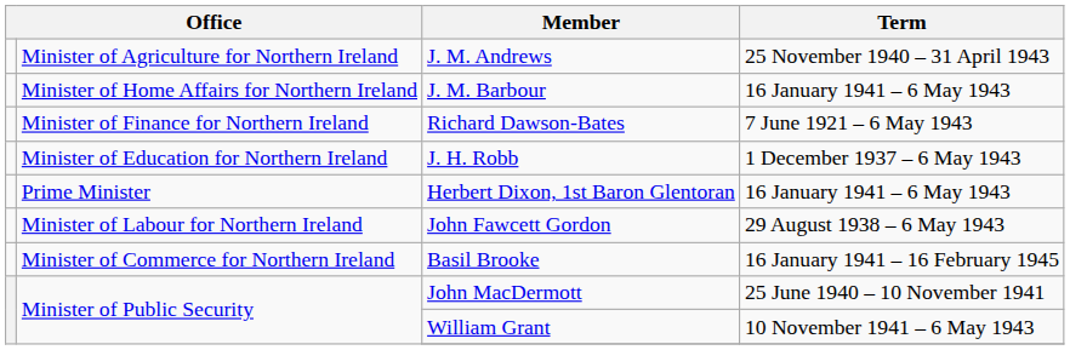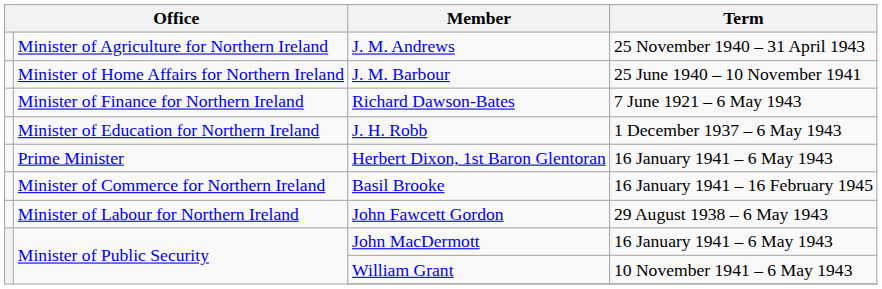 <table class="wikitable">
 <tr>
 <th colspan="2">Office</th>
 <th>Member</th>
 <th>Term</th>
 </tr>
 <tr>
 <td style="width: 1px; background: "></td>
 <td><a href='#'>Minister of Agriculture for Northern Ireland</a></td>
 <td><a href='#'>J. M. Andrews</a></td>
 <td>25 November 1940 – 31 April 1943</td>
 </tr>
 <tr>
 <td style="width: 1px; background: "></td>
 <td><a href='#'>Minister of Home Affairs for Northern Ireland</a></td>
 <td><a href='#'>J. M. Barbour</a></td>
-<td>16 January 1941 – 6 May 1943</td>
+<td>25 June 1940 – 10 November 1941</td>
 </tr>
 <tr>
 <td style="width: 1px; background: "></td>
 <td><a href='#'>Minister of Finance for Northern Ireland</a></td>
 <td><a href='#'>Richard Dawson-Bates</a></td>
 <td>7 June 1921 – 6 May 1943</td>
 </tr>
 <tr>
 <td style="width: 1px; background: "></td>
 <td><a href='#'>Minister of Education for Northern Ireland</a></td>
 <td><a href='#'>J. H. Robb</a></td>
 <td>1 December 1937 – 6 May 1943</td>
 </tr>
 <tr>
 <td style="width: 1px; background: "></td>
 <td><a href='#'>Prime Minister</a></td>
 <td><a href='#'>Herbert Dixon, 1st Baron Glentoran</a></td>
 <td>16 January 1941 – 6 May 1943</td>
 </tr>
 <tr>
 <td style="width: 1px; background: "></td>
+<td><a href='#'>Minister of Commerce for Northern Ireland</a></td>
+<td><a href='#'>Basil Brooke</a></td>
+<td>16 January 1941 – 16 February 1945</td>
+</tr>
+<tr>
+<td style="width: 1px; background: "></td>
 <td><a href='#'>Minister of Labour for Northern Ireland</a></td>
 <td><a href='#'>John Fawcett Gordon</a></td>
 <td>29 August 1938 – 6 May 1943</td>
 </tr>
 <tr>
-<td style="width: 1px; background: "></td>
-<td><a href='#'>Minister of Commerce for Northern Ireland</a></td>
-<td><a href='#'>Basil Brooke</a></td>
-<td>16 January 1941 – 16 February 1945</td>
-</tr>
-<tr>
 <th rowspan="3" style="width: 1px; background: "></th>
 <td rowspan="3"><a href='#'>Minister of Public Security</a></td>
 <td><a href='#'>John MacDermott</a></td>
-<td>25 June 1940 – 10 November 1941</td>
+<td>16 January 1941 – 6 May 1943</td>
 </tr>
 <tr>
 <td><a href='#'>William Grant</a></td>
 <td>10 November 1941 – 6 May 1943</td>
 </tr>
 <tr>
 </tr>
 </table>
